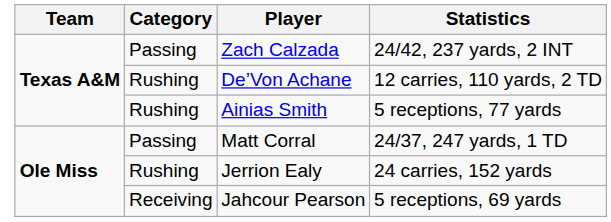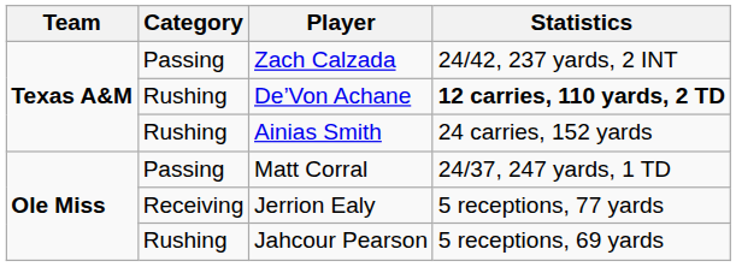 <table class="wikitable" style="float: right;">
 <tr>
 <th>Team</th>
 <th>Category</th>
 <th>Player</th>
 <th>Statistics</th>
 </tr>
 <tr>
 <td rowspan=3><strong>Texas A&M</strong></td>
 <td>Passing</td>
 <td><a href='#'>Zach Calzada</a></td>
 <td>24/42, 237 yards, 2 INT</td>
 </tr>
 <tr>
 <td>Rushing</td>
 <td><a href='#'>De’Von Achane</a></td>
-<td>12 carries, 110 yards, 2 TD</td>
+<td><strong>12 carries, 110 yards, 2 TD</strong></td>
 </tr>
 <tr>
 <td>Rushing</td>
 <td><a href='#'>Ainias Smith</a></td>
-<td>5 receptions, 77 yards</td>
+<td>24 carries, 152 yards</td>
 </tr>
 <tr>
 <td rowspan=3><strong>Ole Miss</strong></td>
 <td>Passing</td>
 <td>Matt Corral</td>
 <td>24/37, 247 yards, 1 TD</td>
 </tr>
 <tr>
-<td>Rushing</td>
+<td>Receiving</td>
 <td>Jerrion Ealy</td>
-<td>24 carries, 152 yards</td>
+<td>5 receptions, 77 yards</td>
 </tr>
 <tr>
-<td>Receiving</td>
+<td>Rushing</td>
 <td>Jahcour Pearson</td>
 <td>5 receptions, 69 yards</td>
 </tr>
 </table>
